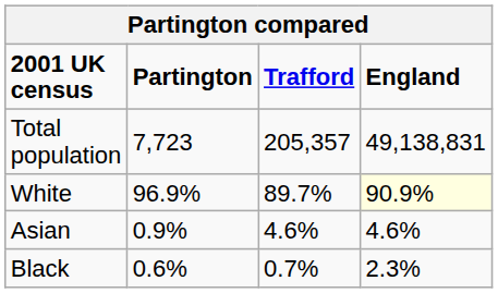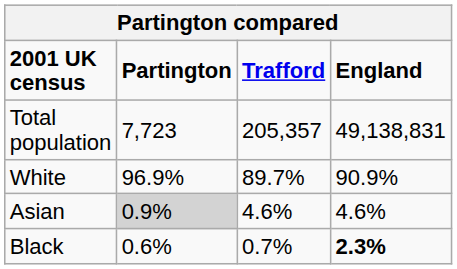 <table class="wikitable" style="float: right; margin-left: 2em; width: 40%; font-size: 90%;" cellspacing="3">
 <tr>
 <th colspan="4"><strong>Partington compared</strong></th>
 </tr>
 <tr>
 <td><strong>2001 UK census</strong></td>
 <td><strong>Partington</strong></td>
 <td><strong><a href='#'>Trafford</a></strong></td>
 <td><strong>England</strong></td>
 </tr>
 <tr>
 <td>Total population</td>
 <td>7,723</td>
 <td>205,357</td>
 <td>49,138,831</td>
 </tr>
 <tr>
 <td>White</td>
 <td>96.9%</td>
 <td>89.7%</td>
-<td style="background: lightyellow;">90.9%</td>
+<td>90.9%</td>
 </tr>
 <tr>
 <td>Asian</td>
-<td>0.9%</td>
+<td style="background: lightgrey;">0.9%</td>
 <td>4.6%</td>
 <td>4.6%</td>
 </tr>
 <tr>
 <td>Black</td>
 <td>0.6%</td>
 <td>0.7%</td>
-<td>2.3%</td>
+<td><strong>2.3%</strong></td>
 </tr>
 </table>
